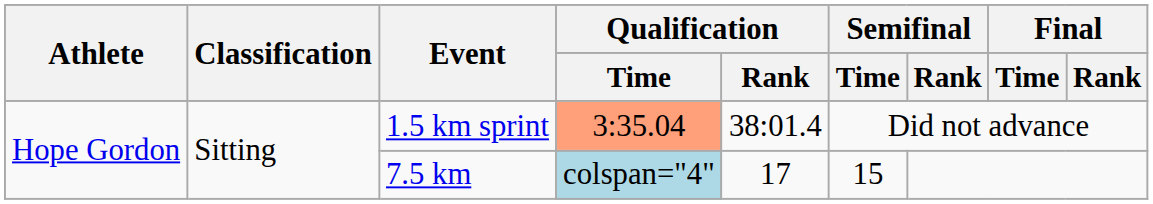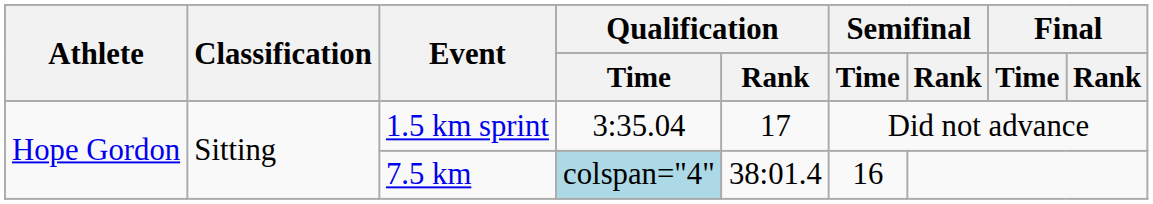 <table class="wikitable" style="font-size:100%">
 <tr>
 <th rowspan="2">Athlete</th>
 <th rowspan="2">Classification</th>
 <th rowspan="2">Event</th>
 <th colspan=2>Qualification</th>
 <th colspan=2>Semifinal</th>
 <th colspan=2>Final</th>
 </tr>
 <tr style="font-size:95%">
 <th>Time</th>
 <th>Rank</th>
 <th>Time</th>
 <th>Rank</th>
 <th>Time</th>
 <th>Rank</th>
 </tr>
 <tr align="center">
 <td align="left" rowspan=2><a href='#'>Hope Gordon</a></td>
 <td align="left" rowspan=2>Sitting</td>
 <td align="left"><a href='#'>1.5 km sprint</a></td>
-<td style="background: lightsalmon;">3:35.04</td>
-<td>38:01.4</td>
+<td>3:35.04</td>
+<td>17</td>
 <td colspan=4>Did not advance</td>
 </tr>
 <tr align="center">
 <td align="left"><a href='#'>7.5 km</a></td>
 <td style="background: lightblue;">colspan="4" </td>
-<td>17</td>
-<td>15</td>
+<td>38:01.4</td>
+<td>16</td>
 </tr>
 </table>
